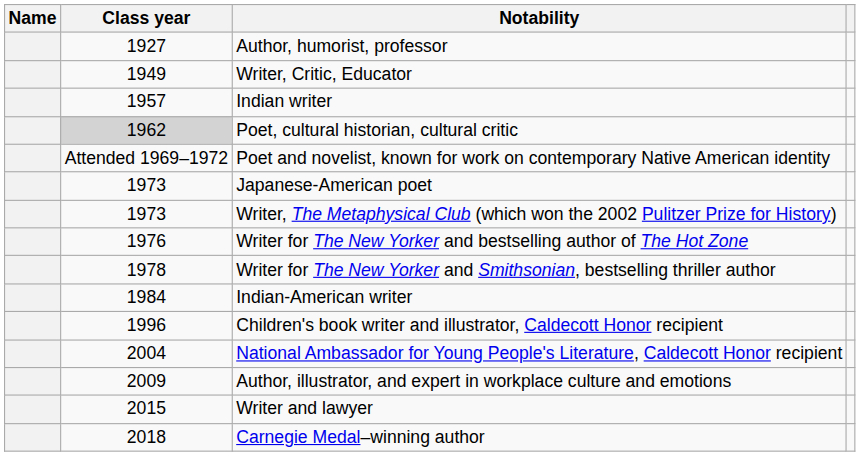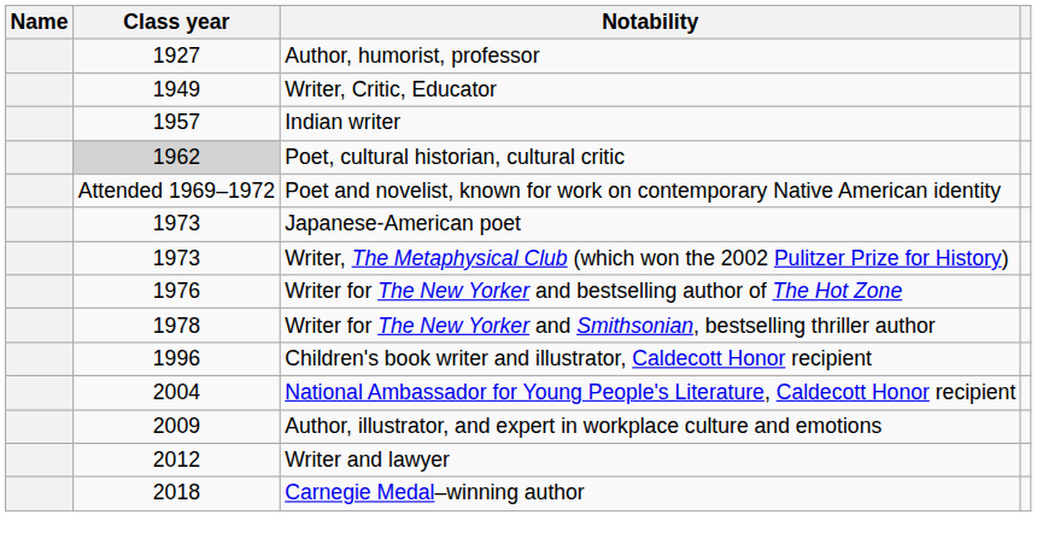 <table class="wikitable sortable plainrowheaders" style="text-align:center; border:2px solid #">
 <tr>
 <th scope="col">Name</th>
 <th scope="col">Class year</th>
 <th scope="col">Notability</th>
 <th scope="col"></th>
 </tr>
 <tr>
 <th scope="row"></th>
 <td>1927</td>
 <td style="text-align:left;">Author, humorist, professor</td>
 <td></td>
 </tr>
 <tr>
 <th scope="row"></th>
 <td>1949</td>
 <td style="text-align:left;">Writer, Critic, Educator</td>
 <td></td>
 </tr>
 <tr>
 <th scope="row"></th>
 <td>1957</td>
 <td style="text-align:left;">Indian writer</td>
 <td></td>
 </tr>
 <tr>
 <th scope="row"></th>
 <td style="background: lightgrey;">1962</td>
 <td style="text-align:left;">Poet, cultural historian, cultural critic</td>
 <td></td>
 </tr>
 <tr>
 <th scope="row"></th>
 <td>Attended 1969–1972</td>
 <td style="text-align:left;">Poet and novelist, known for work on contemporary Native American identity</td>
 <td></td>
 </tr>
 <tr>
 <th scope="row"></th>
 <td>1973</td>
 <td style="text-align:left;">Japanese-American poet</td>
 <td></td>
 </tr>
 <tr>
 <th scope="row"></th>
 <td>1973</td>
 <td style="text-align:left;">Writer, <em><a href='#'>The Metaphysical Club</a></em> (which won the 2002 <a href='#'>Pulitzer Prize for History</a>)</td>
 <td></td>
 </tr>
 <tr>
 <th scope="row"></th>
 <td>1976</td>
 <td style="text-align:left;">Writer for <em><a href='#'>The New Yorker</a></em> and bestselling author of <em><a href='#'>The Hot Zone</a></em></td>
 <td></td>
 </tr>
 <tr>
 <th scope="row"></th>
 <td>1978</td>
 <td style="text-align:left;">Writer for <em><a href='#'>The New Yorker</a></em> and <em><a href='#'>Smithsonian</a></em>, bestselling thriller author</td>
 <td></td>
 </tr>
 <tr>
 <th scope="row"></th>
-<td>1984</td>
-<td style="text-align:left;">Indian-American writer</td>
-<td></td>
-</tr>
-<tr>
-<th scope="row"></th>
 <td>1996</td>
 <td style="text-align:left;">Children's book writer and illustrator, <a href='#'>Caldecott Honor</a> recipient</td>
 <td></td>
 </tr>
 <tr>
 <th scope="row"></th>
 <td>2004</td>
 <td style="text-align:left;"><a href='#'>National Ambassador for Young People's Literature</a>, <a href='#'>Caldecott Honor</a> recipient</td>
 <td></td>
 </tr>
 <tr>
 <th scope="row"></th>
 <td>2009</td>
 <td style="text-align:left;">Author, illustrator, and expert in workplace culture and emotions</td>
 <td></td>
 </tr>
 <tr>
 <th scope="row"></th>
-<td>2015</td>
+<td>2012</td>
 <td style="text-align:left;">Writer and lawyer</td>
 <td></td>
 </tr>
 <tr>
 <th scope="row"></th>
 <td>2018</td>
 <td style="text-align:left;"><a href='#'>Carnegie Medal</a>–winning author</td>
 <td></td>
 </tr>
 </table>
